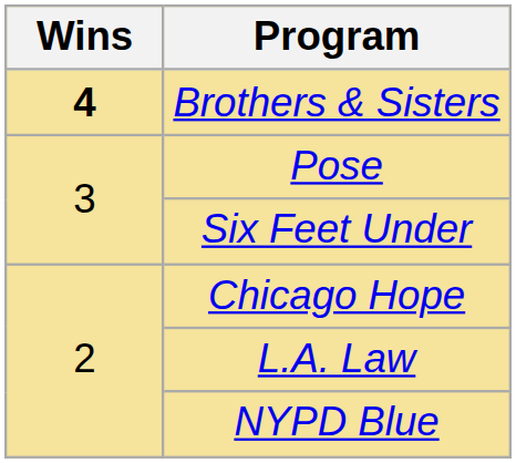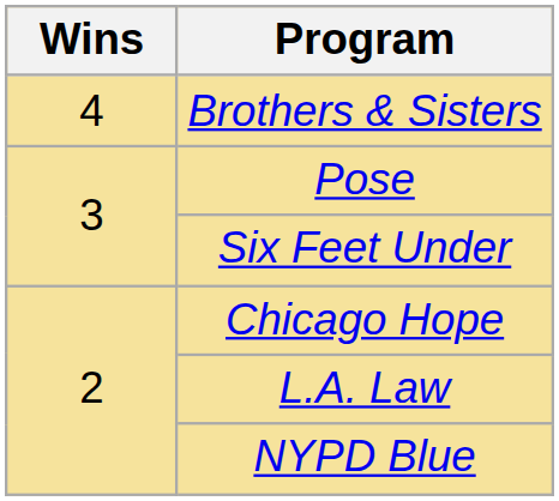 <table class="wikitable" rowspan=2 style="text-align: center; background: #f6e39c">
 <tr>
 <th scope="col" width="55" align="center">Wins</th>
 <th scope="col" align="center">Program</th>
 </tr>
 <tr>
-<td><strong>4</strong></td>
+<td>4</td>
 <td><em><a href='#'>Brothers & Sisters</a></em></td>
 </tr>
 <tr>
 <td rowspan=2>3</td>
 <td><em><a href='#'>Pose</a></em></td>
 </tr>
 <tr>
 <td><em><a href='#'>Six Feet Under</a></em></td>
 </tr>
 <tr>
 <td rowspan=3>2</td>
 <td><em><a href='#'>Chicago Hope</a></em></td>
 </tr>
 <tr>
 <td><em><a href='#'>L.A. Law</a></em></td>
 </tr>
 <tr>
 <td><em><a href='#'>NYPD Blue</a></em></td>
 </tr>
 </table>
